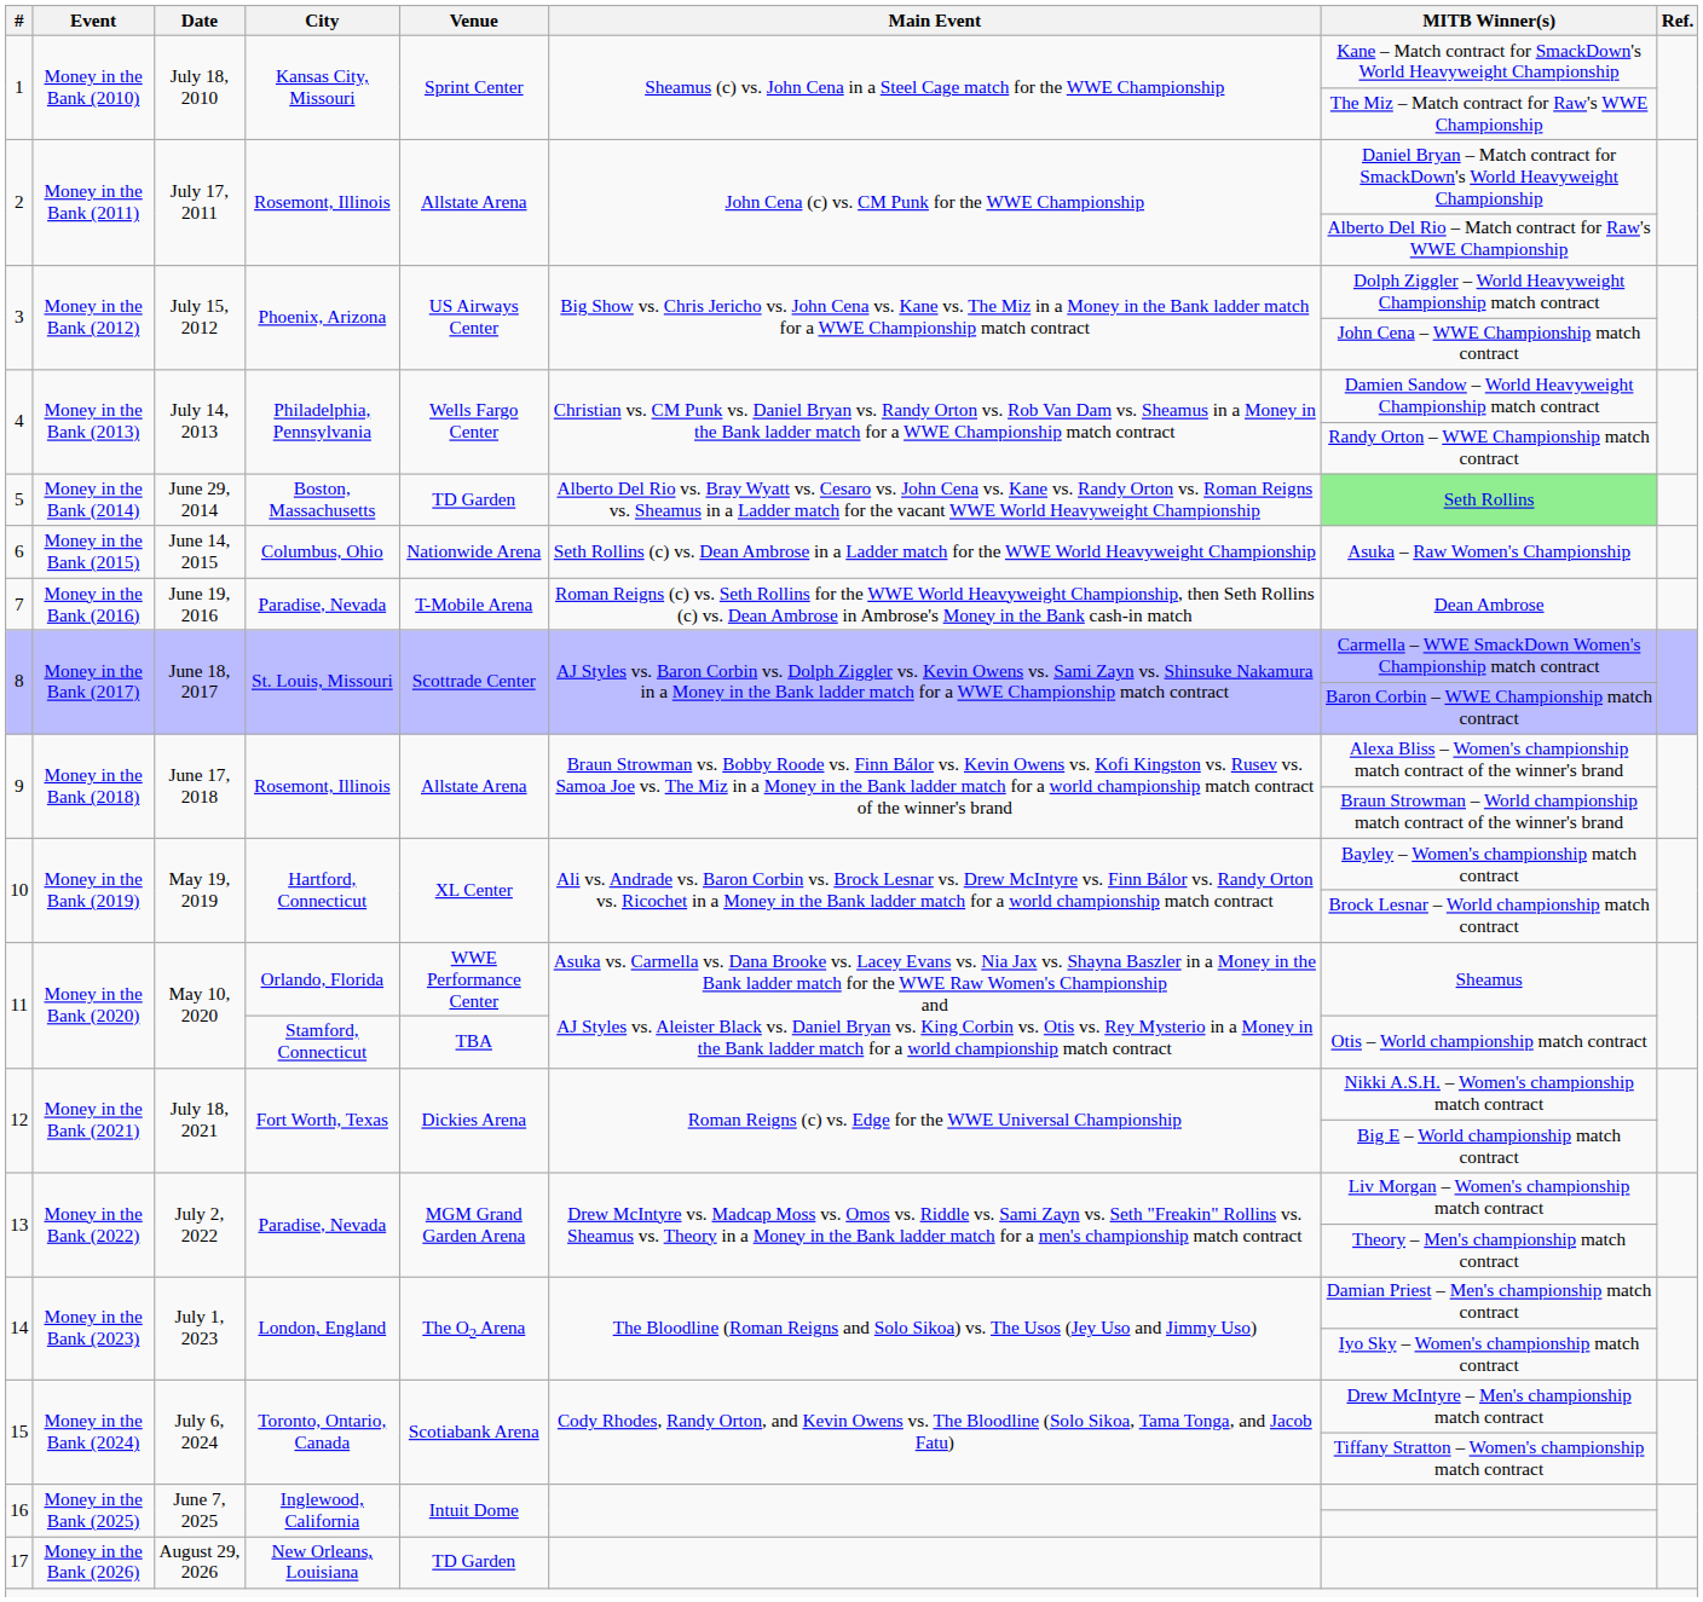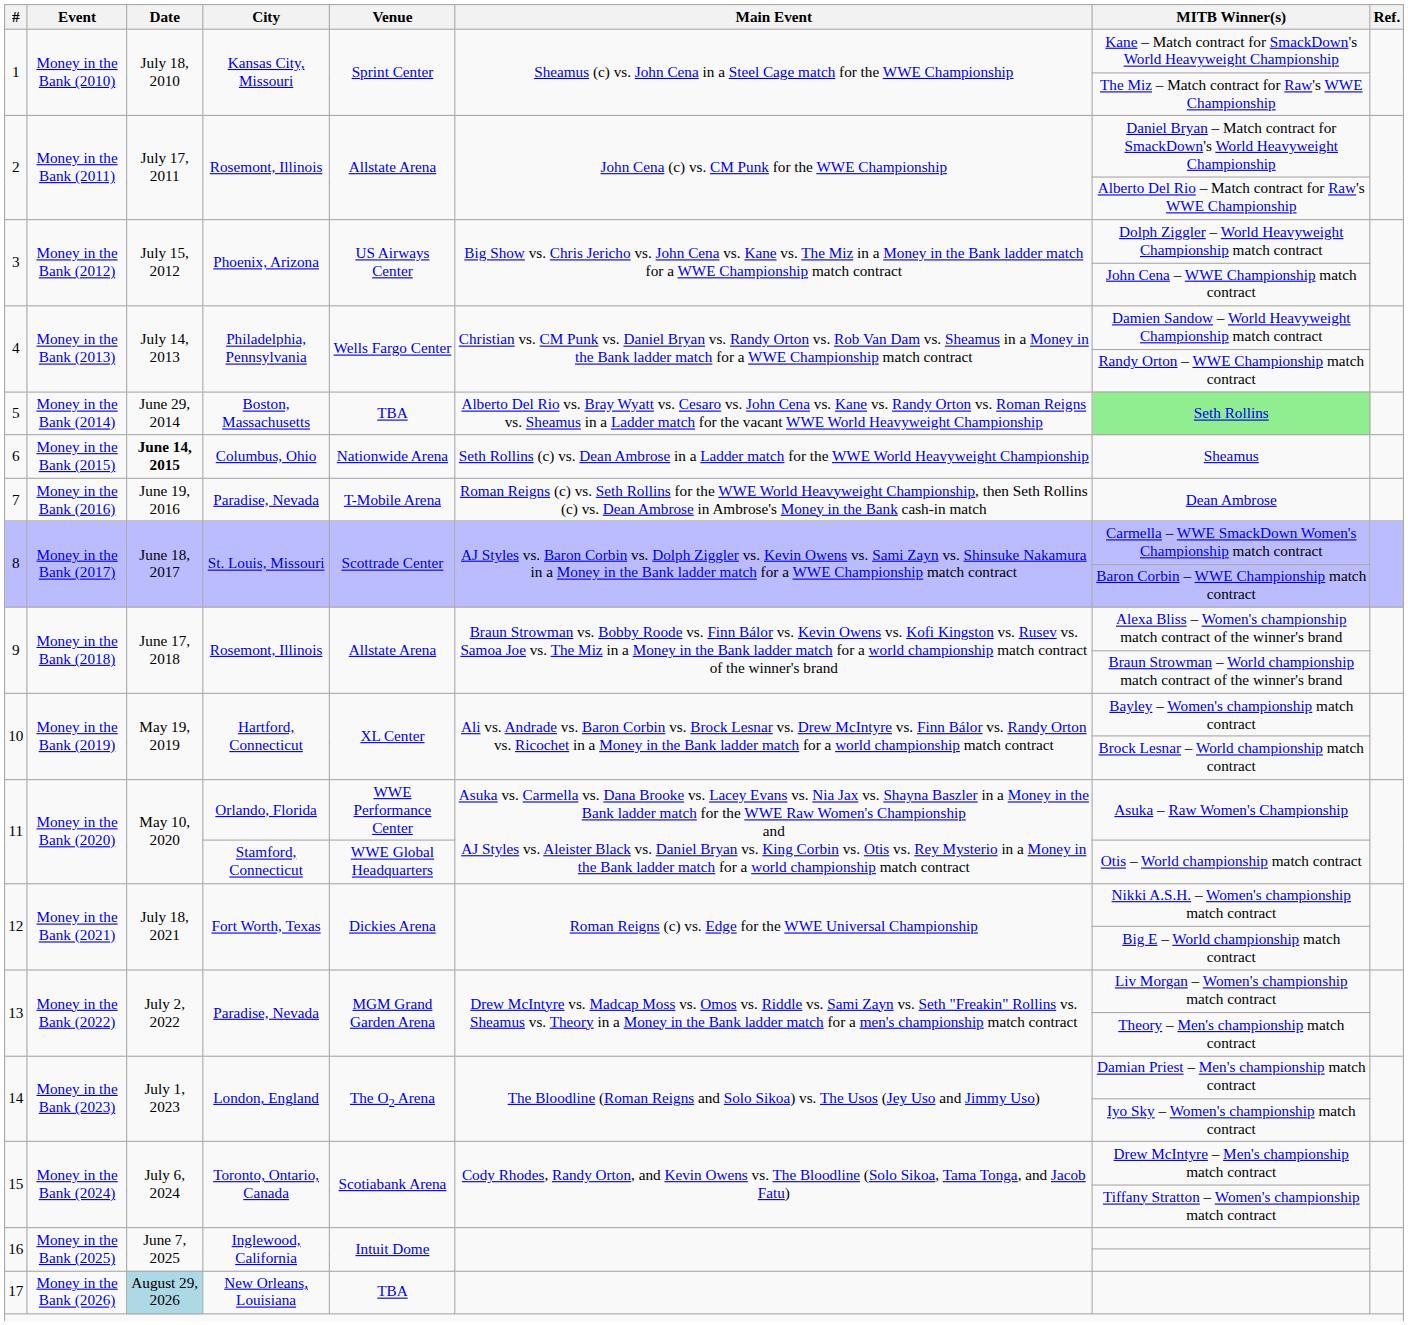 <table class="sortable wikitable succession-box" style="font-size:85%; text-align:center;">
 <tr>
 <th>#</th>
 <th>Event</th>
 <th>Date</th>
 <th>City</th>
 <th>Venue</th>
 <th>Main Event</th>
 <th>MITB Winner(s)</th>
 <th>Ref.</th>
 </tr>
 <tr>
 <td rowspan= "2">1</td>
 <td rowspan= "2"><a href='#'>Money in the Bank (2010)</a></td>
 <td rowspan= "2">July 18, 2010</td>
 <td rowspan= "2"><a href='#'>Kansas City, Missouri</a></td>
 <td rowspan= "2"><a href='#'>Sprint Center</a></td>
 <td rowspan= "2"><a href='#'>Sheamus</a> (c) vs. <a href='#'>John Cena</a> in a <a href='#'>Steel Cage match</a> for the <a href='#'>WWE Championship</a></td>
 <td><a href='#'>Kane</a> – Match contract for <a href='#'>SmackDown</a>'s <a href='#'>World Heavyweight Championship</a></td>
 <td rowspan= "2"></td>
 </tr>
 <tr>
 <td><a href='#'>The Miz</a> – Match contract for <a href='#'>Raw</a>'s <a href='#'>WWE Championship</a></td>
 </tr>
 <tr>
 <td rowspan= "2">2</td>
 <td rowspan= "2"><a href='#'>Money in the Bank (2011)</a></td>
 <td rowspan= "2">July 17, 2011</td>
 <td rowspan= "2"><a href='#'>Rosemont, Illinois</a></td>
 <td rowspan= "2"><a href='#'>Allstate Arena</a></td>
 <td rowspan= "2"><a href='#'>John Cena</a> (c) vs. <a href='#'>CM Punk</a> for the <a href='#'>WWE Championship</a></td>
 <td><a href='#'>Daniel Bryan</a> – Match contract for <a href='#'>SmackDown</a>'s <a href='#'>World Heavyweight Championship</a></td>
 <td rowspan= "2"></td>
 </tr>
 <tr>
 <td><a href='#'>Alberto Del Rio</a> – Match contract for <a href='#'>Raw</a>'s <a href='#'>WWE Championship</a></td>
 </tr>
 <tr>
 <td rowspan= "2">3</td>
 <td rowspan= "2"><a href='#'>Money in the Bank (2012)</a></td>
 <td rowspan= "2">July 15, 2012</td>
 <td rowspan= "2"><a href='#'>Phoenix, Arizona</a></td>
 <td rowspan= "2"><a href='#'>US Airways Center</a></td>
 <td rowspan= "2"><a href='#'>Big Show</a> vs. <a href='#'>Chris Jericho</a> vs. <a href='#'>John Cena</a> vs. <a href='#'>Kane</a> vs. <a href='#'>The Miz</a> in a <a href='#'>Money in the Bank ladder match</a> for a <a href='#'>WWE Championship</a> match contract</td>
 <td><a href='#'>Dolph Ziggler</a> – <a href='#'>World Heavyweight Championship</a> match contract</td>
 <td rowspan= "2"></td>
 </tr>
 <tr>
 <td><a href='#'>John Cena</a> – <a href='#'>WWE Championship</a> match contract</td>
 </tr>
 <tr>
 <td rowspan= "2">4</td>
 <td rowspan= "2"><a href='#'>Money in the Bank (2013)</a></td>
 <td rowspan= "2">July 14, 2013</td>
 <td rowspan= "2"><a href='#'>Philadelphia, Pennsylvania</a></td>
 <td rowspan= "2"><a href='#'>Wells Fargo Center</a></td>
 <td rowspan= "2"><a href='#'>Christian</a> vs. <a href='#'>CM Punk</a> vs. <a href='#'>Daniel Bryan</a> vs. <a href='#'>Randy Orton</a> vs. <a href='#'>Rob Van Dam</a> vs. <a href='#'>Sheamus</a> in a <a href='#'>Money in the Bank ladder match</a> for a <a href='#'>WWE Championship</a> match contract</td>
 <td><a href='#'>Damien Sandow</a> – <a href='#'>World Heavyweight Championship</a> match contract</td>
 <td rowspan= "2"></td>
 </tr>
 <tr>
 <td><a href='#'>Randy Orton</a> – <a href='#'>WWE Championship</a> match contract</td>
 </tr>
 <tr>
 <td>5</td>
 <td><a href='#'>Money in the Bank (2014)</a></td>
 <td>June 29, 2014</td>
 <td><a href='#'>Boston, Massachusetts</a></td>
-<td><a href='#'>TD Garden</a></td>
+<td><a href='#'>TBA</a></td>
 <td><a href='#'>Alberto Del Rio</a> vs. <a href='#'>Bray Wyatt</a> vs. <a href='#'>Cesaro</a> vs. <a href='#'>John Cena</a> vs. <a href='#'>Kane</a> vs. <a href='#'>Randy Orton</a> vs. <a href='#'>Roman Reigns</a> vs. <a href='#'>Sheamus</a> in a <a href='#'>Ladder match</a> for the vacant <a href='#'>WWE World Heavyweight Championship</a></td>
 <td style="background: lightgreen;"><a href='#'>Seth Rollins</a></td>
 <td></td>
 </tr>
 <tr>
 <td>6</td>
 <td><a href='#'>Money in the Bank (2015)</a></td>
-<td>June 14, 2015</td>
+<td><strong>June 14, 2015</strong></td>
 <td><a href='#'>Columbus, Ohio</a></td>
 <td><a href='#'>Nationwide Arena</a></td>
 <td><a href='#'>Seth Rollins</a> (c) vs. <a href='#'>Dean Ambrose</a> in a <a href='#'>Ladder match</a> for the <a href='#'>WWE World Heavyweight Championship</a></td>
-<td><a href='#'>Asuka</a> – <a href='#'>Raw Women's Championship</a></td>
+<td><a href='#'>Sheamus</a></td>
 <td></td>
 </tr>
 <tr>
 <td>7</td>
 <td><a href='#'>Money in the Bank (2016)</a></td>
 <td>June 19, 2016</td>
 <td><a href='#'>Paradise, Nevada</a></td>
 <td><a href='#'>T-Mobile Arena</a></td>
 <td><a href='#'>Roman Reigns</a> (c) vs. <a href='#'>Seth Rollins</a> for the <a href='#'>WWE World Heavyweight Championship</a>, then Seth Rollins (c) vs. <a href='#'>Dean Ambrose</a> in Ambrose's <a href='#'>Money in the Bank</a> cash-in match</td>
 <td><a href='#'>Dean Ambrose</a></td>
 <td></td>
 </tr>
 <tr style="background:#BBF;">
 <td rowspan= "2">8</td>
 <td rowspan= "2"><a href='#'>Money in the Bank (2017)</a></td>
 <td rowspan= "2">June 18, 2017</td>
 <td rowspan= "2"><a href='#'>St. Louis, Missouri</a></td>
 <td rowspan= "2"><a href='#'>Scottrade Center</a></td>
 <td rowspan= "2"><a href='#'>AJ Styles</a> vs. <a href='#'>Baron Corbin</a> vs. <a href='#'>Dolph Ziggler</a> vs. <a href='#'>Kevin Owens</a> vs. <a href='#'>Sami Zayn</a> vs. <a href='#'>Shinsuke Nakamura</a> in a <a href='#'>Money in the Bank ladder match</a> for a <a href='#'>WWE Championship</a> match contract</td>
 <td><a href='#'>Carmella</a> – <a href='#'>WWE SmackDown Women's Championship</a> match contract</td>
 <td rowspan= "2"></td>
 </tr>
 <tr style="background:#BBF;">
 <td><a href='#'>Baron Corbin</a> – <a href='#'>WWE Championship</a> match contract</td>
 </tr>
 <tr>
 <td rowspan= "2">9</td>
 <td rowspan= "2"><a href='#'>Money in the Bank (2018)</a></td>
 <td rowspan= "2">June 17, 2018</td>
 <td rowspan= "2"><a href='#'>Rosemont, Illinois</a></td>
 <td rowspan= "2"><a href='#'>Allstate Arena</a></td>
 <td rowspan= "2"><a href='#'>Braun Strowman</a> vs. <a href='#'>Bobby Roode</a> vs. <a href='#'>Finn Bálor</a> vs. <a href='#'>Kevin Owens</a> vs. <a href='#'>Kofi Kingston</a> vs. <a href='#'>Rusev</a>  vs. <a href='#'>Samoa Joe</a> vs. <a href='#'>The Miz</a> in a <a href='#'>Money in the Bank ladder match</a> for a <a href='#'>world championship</a> match contract of the winner's brand</td>
 <td><a href='#'>Alexa Bliss</a> – <a href='#'>Women's championship</a> match contract of the winner's brand</td>
 <td rowspan= "2"></td>
 </tr>
 <tr>
 <td><a href='#'>Braun Strowman</a> – <a href='#'>World championship</a> match contract of the winner's brand</td>
 </tr>
 <tr>
 <td rowspan= "2">10</td>
 <td rowspan= "2"><a href='#'>Money in the Bank (2019)</a></td>
 <td rowspan= "2">May 19, 2019</td>
 <td rowspan= "2"><a href='#'>Hartford, Connecticut</a></td>
 <td rowspan= "2"><a href='#'>XL Center</a></td>
 <td rowspan= "2"><a href='#'>Ali</a> vs. <a href='#'>Andrade</a> vs. <a href='#'>Baron Corbin</a> vs.  <a href='#'>Brock Lesnar</a> vs. <a href='#'>Drew McIntyre</a> vs. <a href='#'>Finn Bálor</a> vs. <a href='#'>Randy Orton</a> vs. <a href='#'>Ricochet</a> in a <a href='#'>Money in the Bank ladder match</a> for a <a href='#'>world championship</a> match contract</td>
 <td><a href='#'>Bayley</a> – <a href='#'>Women's championship</a> match contract</td>
 <td rowspan= "2"></td>
 </tr>
 <tr>
 <td><a href='#'>Brock Lesnar</a> – <a href='#'>World championship</a> match contract</td>
 </tr>
 <tr>
 <td rowspan= "2">11</td>
 <td rowspan= "2"><a href='#'>Money in the Bank (2020)</a></td>
 <td rowspan= "2">May 10, 2020</td>
 <td><a href='#'>Orlando, Florida</a><br></td>
 <td><a href='#'>WWE Performance Center</a><br></td>
 <td rowspan= "2"><a href='#'>Asuka</a> vs. <a href='#'>Carmella</a> vs. <a href='#'>Dana Brooke</a> vs. <a href='#'>Lacey Evans</a> vs. <a href='#'>Nia Jax</a> vs. <a href='#'>Shayna Baszler</a> in a <a href='#'>Money in the Bank ladder match</a> for the <a href='#'>WWE Raw Women's Championship</a><br>and<br><a href='#'>AJ Styles</a> vs. <a href='#'>Aleister Black</a> vs. <a href='#'>Daniel Bryan</a> vs. <a href='#'>King Corbin</a> vs. <a href='#'>Otis</a> vs. <a href='#'>Rey Mysterio</a> in a <a href='#'>Money in the Bank ladder match</a> for a <a href='#'>world championship</a> match contract</td>
-<td><a href='#'>Sheamus</a></td>
+<td><a href='#'>Asuka</a> – <a href='#'>Raw Women's Championship</a></td>
 <td rowspan= "2"></td>
 </tr>
 <tr>
 <td><a href='#'>Stamford, Connecticut</a><br></td>
-<td><a href='#'>TBA</a></td>
+<td><a href='#'>WWE Global Headquarters</a><br></td>
 <td><a href='#'>Otis</a> – <a href='#'>World championship</a> match contract</td>
 </tr>
 <tr>
 <td rowspan= "2">12</td>
 <td rowspan= "2"><a href='#'>Money in the Bank (2021)</a></td>
 <td rowspan= "2">July 18, 2021</td>
 <td rowspan= "2"><a href='#'>Fort Worth, Texas</a></td>
 <td rowspan= "2"><a href='#'>Dickies Arena</a></td>
 <td rowspan= "2"><a href='#'>Roman Reigns</a> (c) vs. <a href='#'>Edge</a> for the <a href='#'>WWE Universal Championship</a></td>
 <td><a href='#'>Nikki A.S.H.</a> – <a href='#'>Women's championship</a> match contract</td>
 <td rowspan= "2"></td>
 </tr>
 <tr>
 <td><a href='#'>Big E</a> – <a href='#'>World championship</a> match contract</td>
 </tr>
 <tr>
 <td rowspan= "2">13</td>
 <td rowspan= "2"><a href='#'>Money in the Bank (2022)</a></td>
 <td rowspan= "2">July 2, 2022</td>
 <td rowspan= "2"><a href='#'>Paradise, Nevada</a></td>
 <td rowspan= "2"><a href='#'>MGM Grand Garden Arena</a></td>
 <td rowspan= "2"><a href='#'>Drew McIntyre</a> vs. <a href='#'>Madcap Moss</a> vs. <a href='#'>Omos</a> vs. <a href='#'>Riddle</a> vs. <a href='#'>Sami Zayn</a> vs. <a href='#'>Seth "Freakin" Rollins</a> vs. <a href='#'>Sheamus</a> vs. <a href='#'>Theory</a> in a <a href='#'>Money in the Bank ladder match</a> for a <a href='#'>men's championship</a> match contract</td>
 <td><a href='#'>Liv Morgan</a> – <a href='#'>Women's championship</a> match contract</td>
 <td rowspan= "2"></td>
 </tr>
 <tr>
 <td><a href='#'>Theory</a> – <a href='#'>Men's championship</a> match contract</td>
 </tr>
 <tr>
 <td rowspan= "2">14</td>
 <td rowspan= "2"><a href='#'>Money in the Bank (2023)</a></td>
 <td rowspan= "2">July 1, 2023</td>
 <td rowspan= "2"><a href='#'>London, England</a></td>
 <td rowspan= "2"><a href='#'>The O<sub>2</sub> Arena</a></td>
 <td rowspan= "2"><a href='#'>The Bloodline</a> (<a href='#'>Roman Reigns</a> and <a href='#'>Solo Sikoa</a>) vs. <a href='#'>The Usos</a> (<a href='#'>Jey Uso</a> and <a href='#'>Jimmy Uso</a>)</td>
 <td><a href='#'>Damian Priest</a> – <a href='#'>Men's championship</a> match contract</td>
 <td rowspan= "2"></td>
 </tr>
 <tr>
 <td><a href='#'>Iyo Sky</a> – <a href='#'>Women's championship</a> match contract</td>
 </tr>
 <tr>
 <td rowspan="2">15</td>
 <td rowspan="2"><a href='#'>Money in the Bank (2024)</a></td>
 <td rowspan="2">July 6, 2024</td>
 <td rowspan="2"><a href='#'>Toronto, Ontario, Canada</a></td>
 <td rowspan="2"><a href='#'>Scotiabank Arena</a></td>
 <td rowspan="2"><a href='#'>Cody Rhodes</a>, <a href='#'>Randy Orton</a>, and <a href='#'>Kevin Owens</a> vs. <a href='#'>The Bloodline</a> (<a href='#'>Solo Sikoa</a>, <a href='#'>Tama Tonga</a>, and <a href='#'>Jacob Fatu</a>)</td>
 <td><a href='#'>Drew McIntyre</a> – <a href='#'>Men's championship</a> match contract</td>
 <td rowspan="2'"></td>
 </tr>
 <tr>
 <td><a href='#'>Tiffany Stratton</a> – <a href='#'>Women's championship</a> match contract</td>
 </tr>
 <tr>
 <td rowspan="2">16</td>
 <td rowspan="2"><a href='#'>Money in the Bank (2025)</a></td>
 <td rowspan="2">June 7, 2025</td>
 <td rowspan="2"><a href='#'>Inglewood, California</a></td>
 <td rowspan="2"><a href='#'>Intuit Dome</a></td>
 <td rowspan="2"></td>
 <td></td>
 <td rowspan="2'"></td>
 </tr>
 <tr>
 <td></td>
 </tr>
 <tr>
 <td>17</td>
 <td><a href='#'>Money in the Bank (2026)</a></td>
-<td>August 29, 2026</td>
+<td style="background: lightblue;">August 29, 2026</td>
 <td><a href='#'>New Orleans, Louisiana</a></td>
-<td><a href='#'>TD Garden</a></td>
+<td><a href='#'>TBA</a></td>
 <td></td>
 <td></td>
 <td></td>
 </tr>
 <tr>
 <td colspan="10"></td>
 </tr>
 <tr>
 </tr>
 </table>
